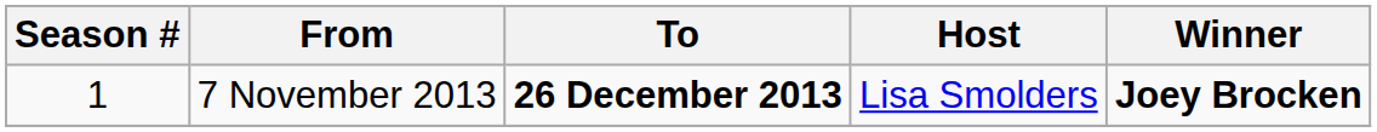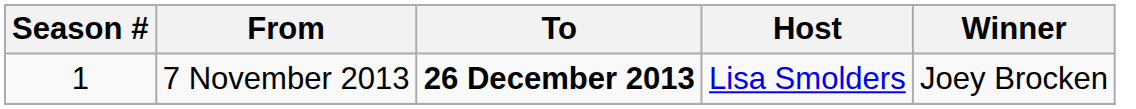 <table class="wikitable">
 <tr>
 <th>Season #</th>
 <th>From</th>
 <th>To</th>
 <th>Host</th>
 <th>Winner</th>
 </tr>
 <tr>
 <td style="text-align:center;">1</td>
 <td>7 November 2013</td>
 <td><strong>26 December 2013</strong></td>
 <td style="text-align:center;"><a href='#'>Lisa Smolders</a></td>
-<td style="text-align:center;"><strong>Joey Brocken</strong></td>
+<td style="text-align:center;">Joey Brocken</td>
 </tr>
 <tr>
 </tr>
 </table>
